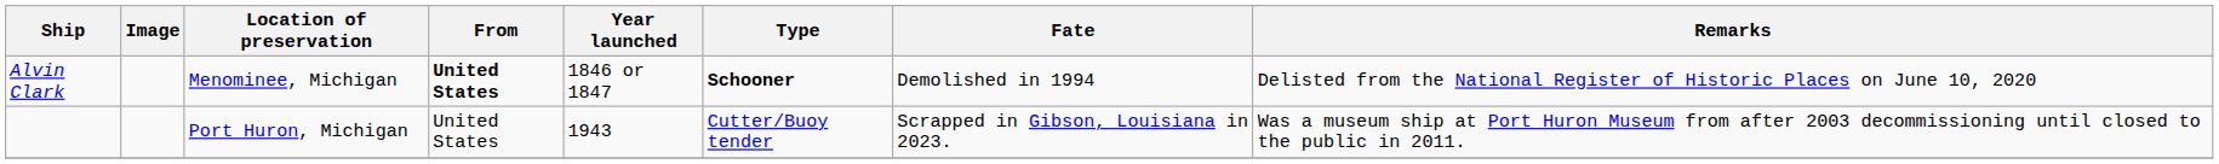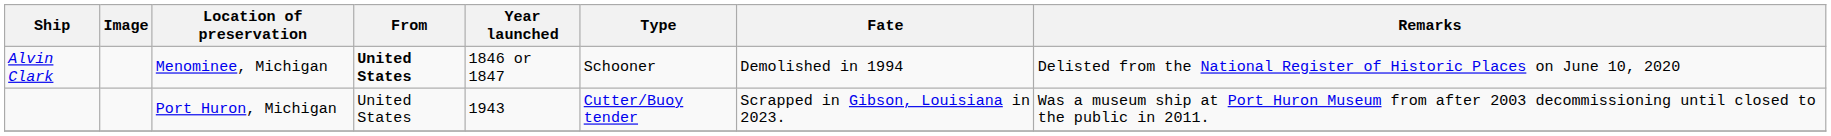 <table class="wikitable sortable">
 <tr>
 <th>Ship</th>
 <th>Image</th>
 <th>Location of preservation</th>
 <th>From</th>
 <th>Year launched</th>
 <th>Type</th>
 <th>Fate</th>
 <th>Remarks</th>
 </tr>
 <tr>
 <td><em><a href='#'>Alvin Clark</a></em></td>
 <td></td>
 <td><a href='#'>Menominee</a>, Michigan</td>
 <td><strong>United States<br></strong></td>
 <td>1846 or 1847</td>
-<td><strong>Schooner</strong></td>
+<td>Schooner</td>
 <td>Demolished in 1994</td>
 <td>Delisted from the <a href='#'>National Register of Historic Places</a> on June 10, 2020</td>
 </tr>
 <tr>
 <td data-sort-value=Bramble></td>
 <td></td>
 <td><a href='#'>Port Huron</a>, Michigan</td>
 <td>United States<br></td>
 <td>1943</td>
 <td><a href='#'>Cutter/Buoy tender</a></td>
 <td>Scrapped in <a href='#'>Gibson, Louisiana</a> in 2023.</td>
 <td>Was a museum ship at <a href='#'>Port Huron Museum</a> from after 2003 decommissioning until closed to the public in 2011.</td>
 </tr>
 <tr>
 </tr>
 </table>
